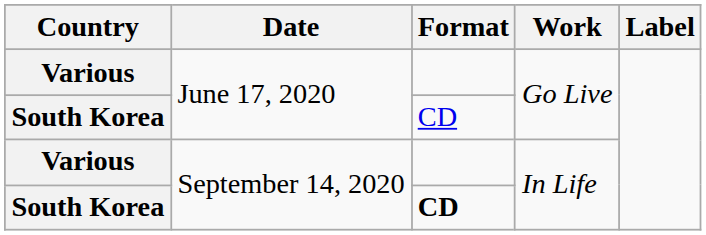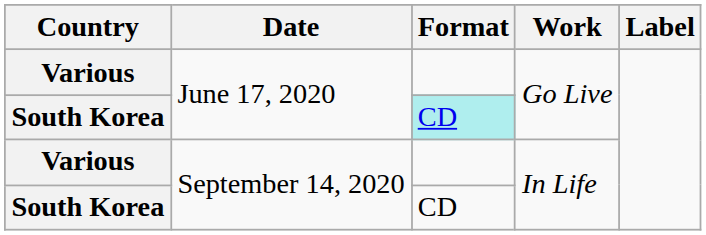 <table class="wikitable plainrowheaders">
 <tr>
 <th scope="col">Country</th>
 <th scope="col">Date</th>
 <th scope="col">Format</th>
 <th scope="col">Work</th>
 <th scope="col">Label</th>
 </tr>
 <tr>
 <th scope="row">Various</th>
 <td rowspan=2>June 17, 2020</td>
 <td></td>
 <td rowspan=2><em>Go Live</em></td>
 <td rowspan=4></td>
 </tr>
 <tr>
 <th scope="row">South Korea</th>
-<td><a href='#'>CD</a></td>
+<td style="background: paleturquoise;"><a href='#'>CD</a></td>
 </tr>
 <tr>
 <th scope="row">Various</th>
 <td rowspan=2>September 14, 2020</td>
 <td></td>
 <td rowspan=2><em>In Life</em></td>
 </tr>
 <tr>
 <th scope="row">South Korea</th>
-<td><strong>CD</strong></td>
+<td>CD</td>
 </tr>
 </table>
